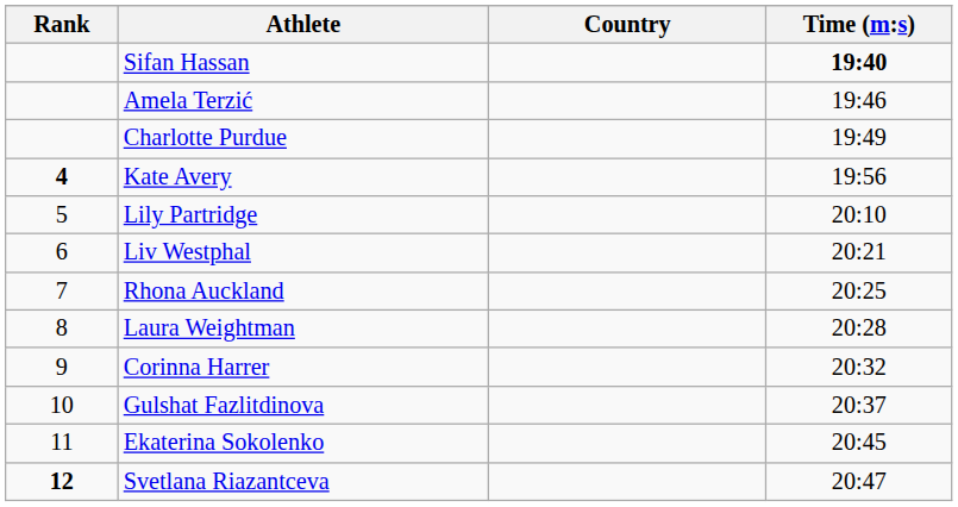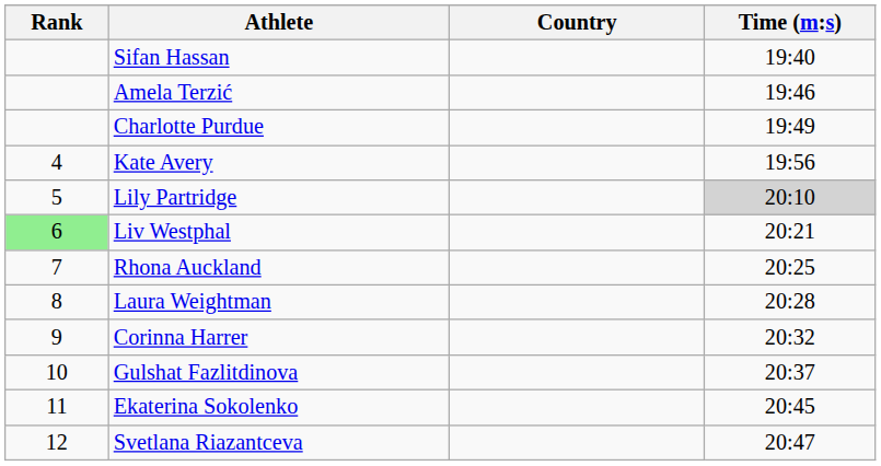 <table class="wikitable" style="text-align:center;" width="50%">
 <tr>
 </tr>
 <tr>
 <th width=5%>Rank</th>
 <th width=20%>Athlete</th>
 <th width=15%>Country</th>
 <th width=10%>Time (<a href='#'>m</a>:<a href='#'>s</a>)</th>
 </tr>
 <tr>
 <td></td>
 <td align="left"><a href='#'>Sifan Hassan</a></td>
 <td align="left"></td>
-<td><strong>19:40</strong></td>
+<td>19:40</td>
 </tr>
 <tr>
 <td></td>
 <td align="left"><a href='#'>Amela Terzić</a></td>
 <td align="left"></td>
 <td>19:46</td>
 </tr>
 <tr>
 <td></td>
 <td align="left"><a href='#'>Charlotte Purdue</a></td>
 <td align="left"></td>
 <td>19:49</td>
 </tr>
 <tr>
-<td><strong>4</strong></td>
+<td>4</td>
 <td align="left"><a href='#'>Kate Avery</a></td>
 <td align="left"></td>
 <td>19:56</td>
 </tr>
 <tr>
 <td>5</td>
 <td align="left"><a href='#'>Lily Partridge</a></td>
 <td align="left"></td>
-<td>20:10</td>
+<td style="background: lightgrey;">20:10</td>
 </tr>
 <tr>
-<td>6</td>
+<td style="background: lightgreen;">6</td>
 <td align="left"><a href='#'>Liv Westphal</a></td>
 <td align="left"></td>
 <td>20:21</td>
 </tr>
 <tr>
 <td>7</td>
 <td align="left"><a href='#'>Rhona Auckland</a></td>
 <td align="left"></td>
 <td>20:25</td>
 </tr>
 <tr>
 <td>8</td>
 <td align="left"><a href='#'>Laura Weightman</a></td>
 <td align="left"></td>
 <td>20:28</td>
 </tr>
 <tr>
 <td>9</td>
 <td align="left"><a href='#'>Corinna Harrer</a></td>
 <td align="left"></td>
 <td>20:32</td>
 </tr>
 <tr>
 <td>10</td>
 <td align="left"><a href='#'>Gulshat Fazlitdinova</a></td>
 <td align="left"></td>
 <td>20:37</td>
 </tr>
 <tr>
 <td>11</td>
 <td align="left"><a href='#'>Ekaterina Sokolenko</a></td>
 <td align="left"></td>
 <td>20:45</td>
 </tr>
 <tr>
-<td><strong>12</strong></td>
+<td>12</td>
 <td align="left"><a href='#'>Svetlana Riazantceva</a></td>
 <td align="left"></td>
 <td>20:47</td>
 </tr>
 </table>
